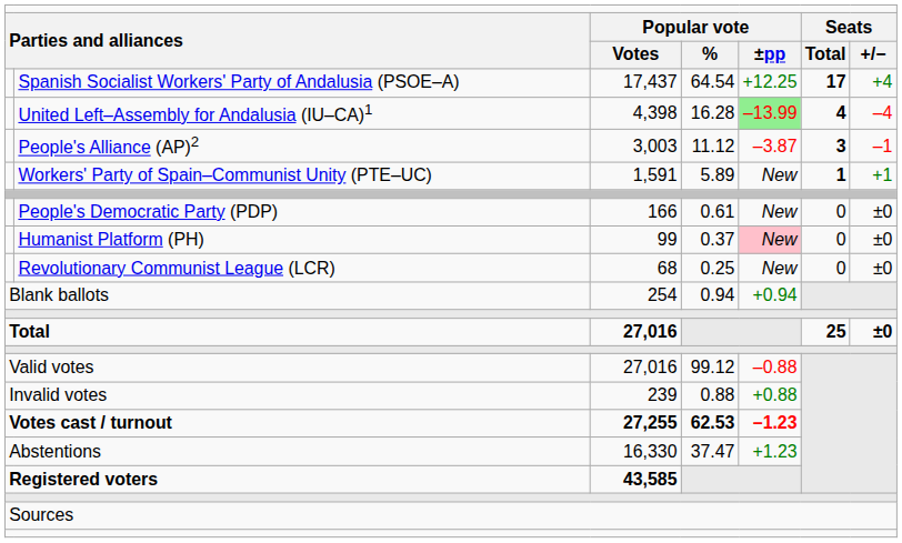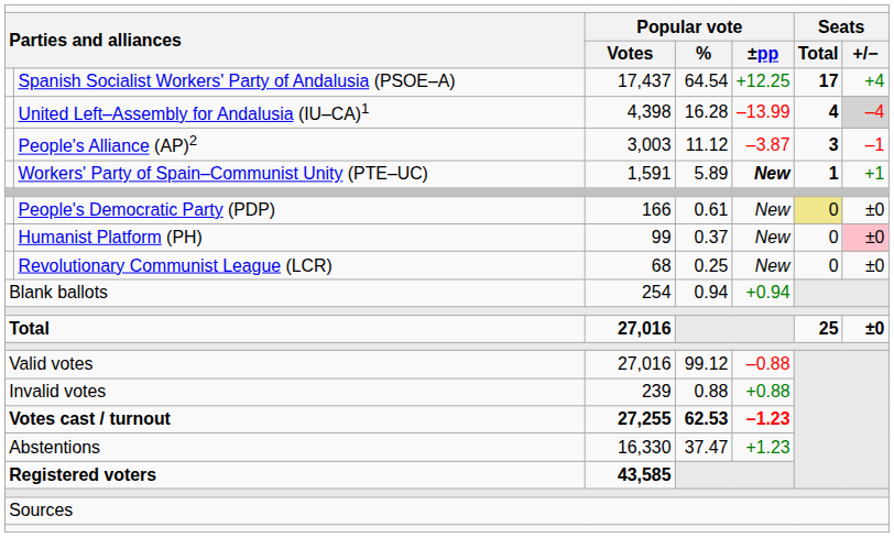 <table class="wikitable" style="text-align:right;">
 <tr>
 <td colspan="7"></td>
 </tr>
 <tr>
 <th style="text-align:left;" rowspan="2" colspan="2" width="525">Parties and alliances</th>
 <th colspan="3">Popular vote</th>
 <th colspan="2">Seats</th>
 </tr>
 <tr>
 <th width="75">Votes</th>
 <th width="45">%</th>
 <th width="45">±<a href='#'>pp</a></th>
 <th width="35">Total</th>
 <th width="35">+/−</th>
 </tr>
 <tr>
 <td width="1" style="color:inherit;background:"></td>
 <td align="left"><a href='#'>Spanish Socialist Workers' Party of Andalusia</a> (PSOE–A)</td>
 <td>17,437</td>
 <td>64.54</td>
 <td style="color:green;">+12.25</td>
 <td><strong>17</strong></td>
 <td style="color:green;">+4</td>
 </tr>
 <tr>
 <td style="color:inherit;background:"></td>
 <td align="left"><a href='#'>United Left–Assembly for Andalusia</a> (IU–CA)<sup>1</sup></td>
 <td>4,398</td>
 <td>16.28</td>
-<td style="background: lightgreen; color:red;">–13.99</td>
+<td style="color:red;">–13.99</td>
 <td><strong>4</strong></td>
-<td style="color:red;">–4</td>
+<td style="background: lightgrey; color:red;">–4</td>
 </tr>
 <tr>
 <td style="color:inherit;background:"></td>
 <td align="left"><a href='#'>People's Alliance</a> (AP)<sup>2</sup></td>
 <td>3,003</td>
 <td>11.12</td>
 <td style="color:red;">–3.87</td>
 <td><strong>3</strong></td>
 <td style="color:red;">–1</td>
 </tr>
 <tr>
 <td style="color:inherit;background:"></td>
 <td align="left"><a href='#'>Workers' Party of Spain–Communist Unity</a> (PTE–UC)</td>
 <td>1,591</td>
 <td>5.89</td>
-<td><em>New</em></td>
+<td><strong><em>New</em></strong></td>
 <td><strong>1</strong></td>
 <td style="color:green;">+1</td>
 </tr>
 <tr>
 <td colspan="7" bgcolor="#C0C0C0"></td>
 </tr>
 <tr>
 <td style="color:inherit;background:"></td>
 <td align="left"><a href='#'>People's Democratic Party</a> (PDP)</td>
 <td>166</td>
 <td>0.61</td>
 <td><em>New</em></td>
-<td>0</td>
+<td style="background: khaki;">0</td>
 <td>±0</td>
 </tr>
 <tr>
 <td style="color:inherit;background:"></td>
 <td align="left"><a href='#'>Humanist Platform</a> (PH)</td>
 <td>99</td>
 <td>0.37</td>
-<td style="background: pink;"><em>New</em></td>
+<td><em>New</em></td>
 <td>0</td>
-<td>±0</td>
+<td style="background: pink;">±0</td>
 </tr>
 <tr>
 <td style="color:inherit;background:"></td>
 <td align="left"><a href='#'>Revolutionary Communist League</a> (LCR)</td>
 <td>68</td>
 <td>0.25</td>
 <td><em>New</em></td>
 <td>0</td>
 <td>±0</td>
 </tr>
 <tr>
 <td align="left" colspan="2">Blank ballots</td>
 <td>254</td>
 <td>0.94</td>
 <td style="color:green;">+0.94</td>
 <td bgcolor="#E9E9E9" colspan="2"></td>
 </tr>
 <tr>
 <td colspan="7" bgcolor="#E9E9E9"></td>
 </tr>
 <tr style="font-weight:bold;">
 <td align="left" colspan="2">Total</td>
 <td>27,016</td>
 <td bgcolor="#E9E9E9" colspan="2"></td>
 <td>25</td>
 <td>±0</td>
 </tr>
 <tr>
 <td colspan="7" bgcolor="#E9E9E9"></td>
 </tr>
 <tr>
 <td align="left" colspan="2">Valid votes</td>
 <td>27,016</td>
 <td>99.12</td>
 <td style="color:red;">–0.88</td>
 <td bgcolor="#E9E9E9" colspan="2" rowspan="5"></td>
 </tr>
 <tr>
 <td align="left" colspan="2">Invalid votes</td>
 <td>239</td>
 <td>0.88</td>
 <td style="color:green;">+0.88</td>
 </tr>
 <tr style="font-weight:bold;">
 <td align="left" colspan="2">Votes cast / turnout</td>
 <td>27,255</td>
 <td>62.53</td>
 <td style="color:red;">–1.23</td>
 </tr>
 <tr>
 <td align="left" colspan="2">Abstentions</td>
 <td>16,330</td>
 <td>37.47</td>
 <td style="color:green;">+1.23</td>
 </tr>
 <tr style="font-weight:bold;">
 <td align="left" colspan="2">Registered voters</td>
 <td>43,585</td>
 <td bgcolor="#E9E9E9" colspan="2"></td>
 </tr>
 <tr>
 <td colspan="7" bgcolor="#E9E9E9"></td>
 </tr>
 <tr>
 <td align="left" colspan="7">Sources</td>
 </tr>
 <tr>
 <td colspan="7" style="text-align:left; max-width:790px;"></td>
 </tr>
 </table>
